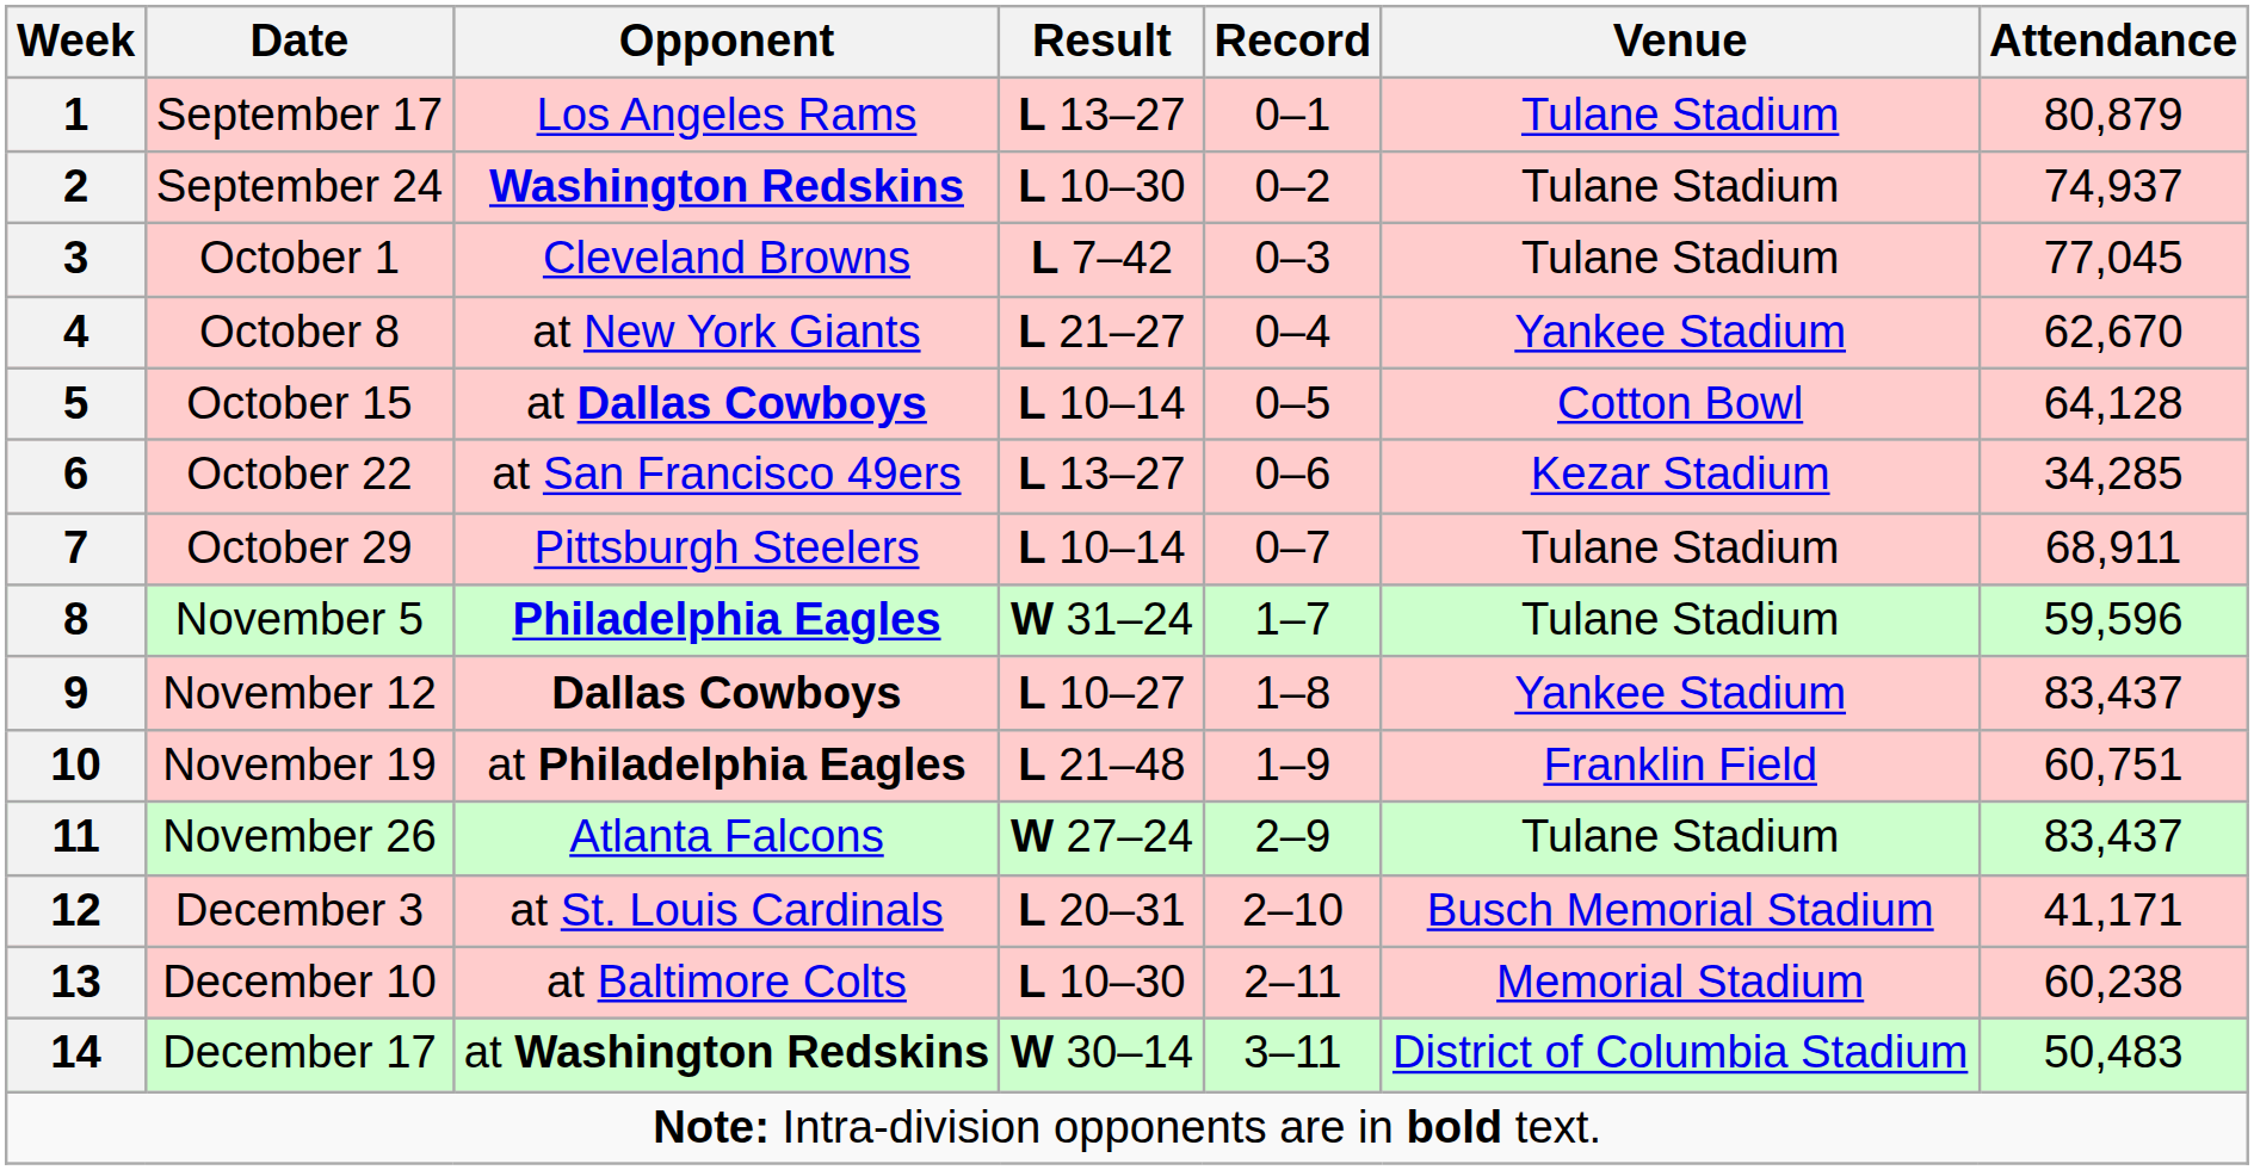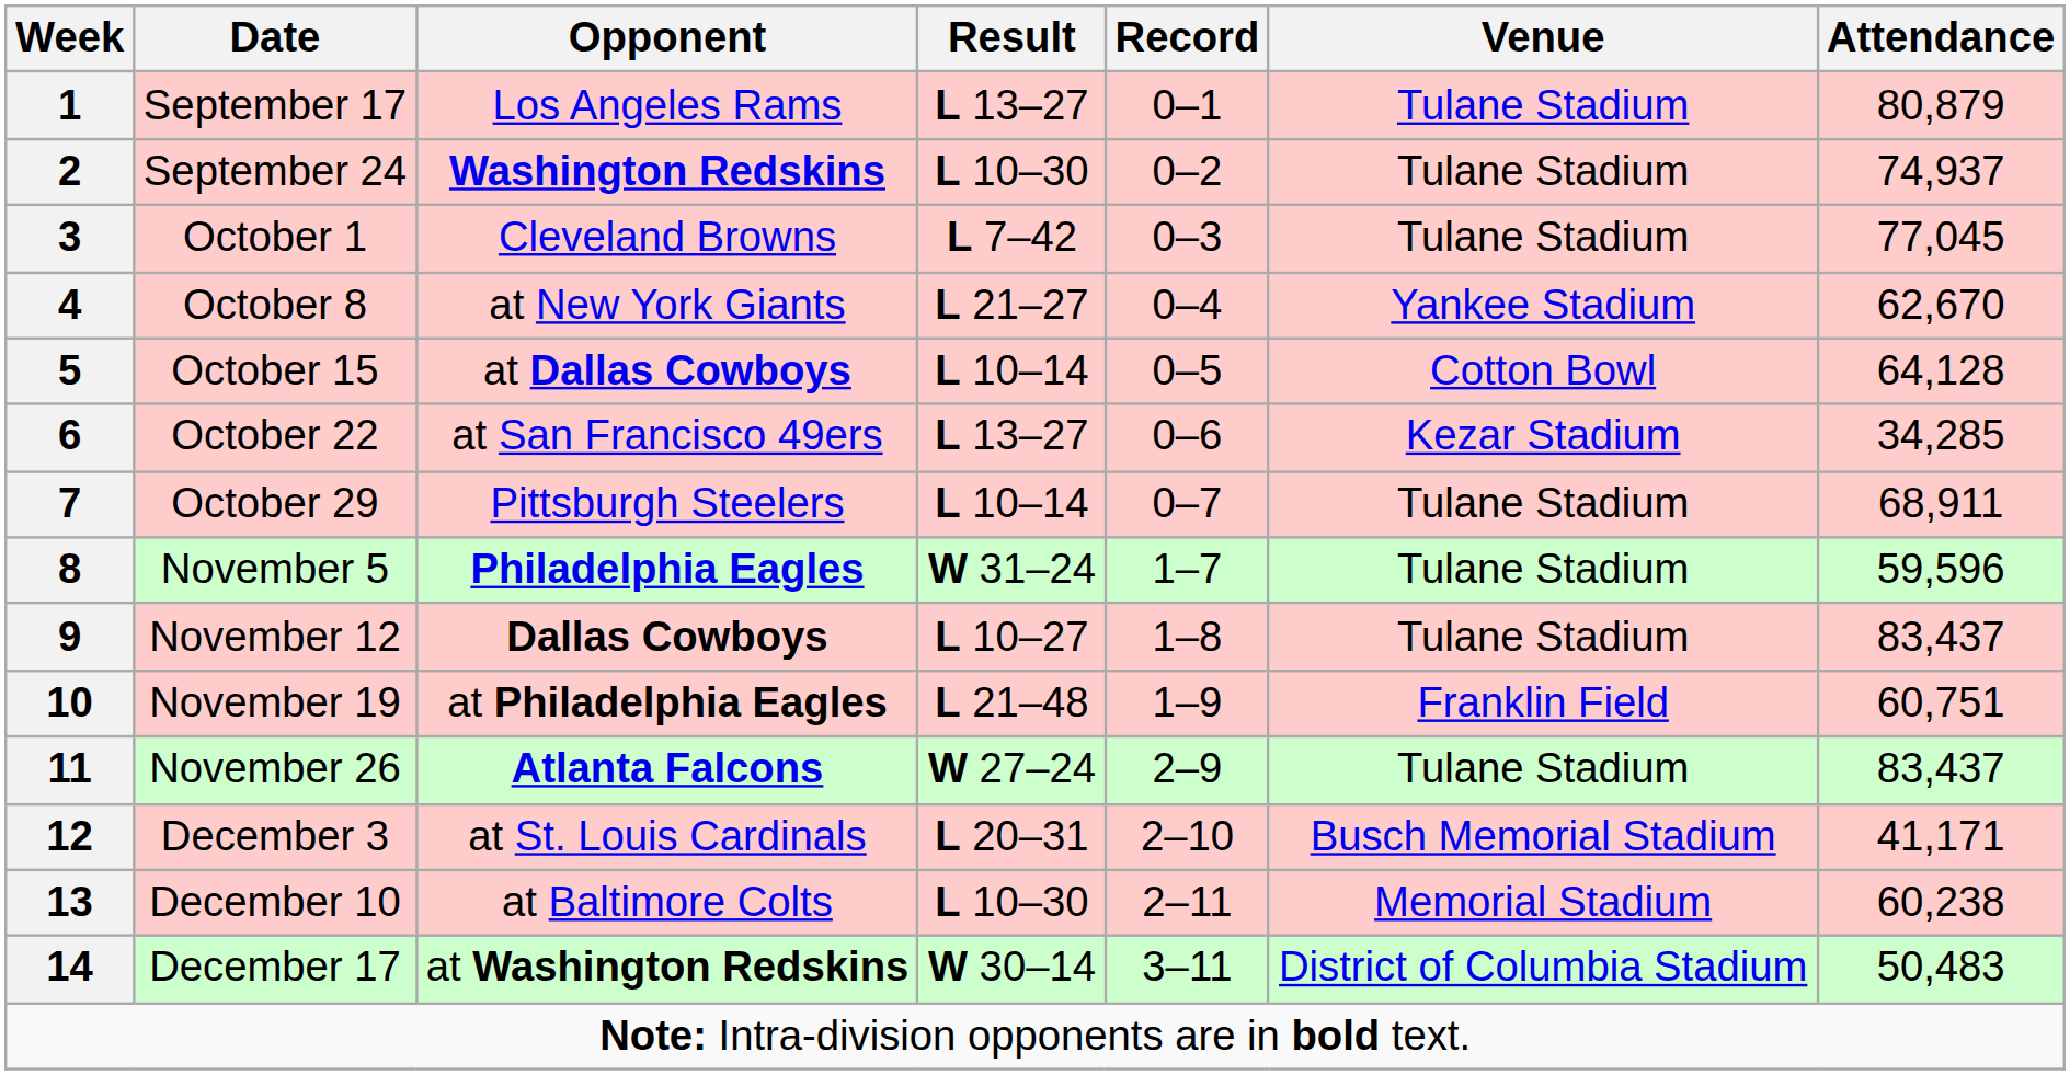 <table class="wikitable" style="text-align:center">
 <tr>
 <th>Week</th>
 <th>Date</th>
 <th>Opponent</th>
 <th>Result</th>
 <th>Record</th>
 <th>Venue</th>
 <th>Attendance</th>
 </tr>
 <tr style="background:#fcc">
 <th>1</th>
 <td>September 17</td>
 <td><a href='#'>Los Angeles Rams</a></td>
 <td><strong>L</strong> 13–27</td>
 <td>0–1</td>
 <td><a href='#'>Tulane Stadium</a></td>
 <td>80,879</td>
 </tr>
 <tr style="background:#fcc">
 <th>2</th>
 <td>September 24</td>
 <td><strong><a href='#'>Washington Redskins</a></strong></td>
 <td><strong>L</strong> 10–30</td>
 <td>0–2</td>
 <td>Tulane Stadium</td>
 <td>74,937</td>
 </tr>
 <tr style="background:#fcc">
 <th>3</th>
 <td>October 1</td>
 <td><a href='#'>Cleveland Browns</a></td>
 <td><strong>L</strong> 7–42</td>
 <td>0–3</td>
 <td>Tulane Stadium</td>
 <td>77,045</td>
 </tr>
 <tr style="background:#fcc">
 <th>4</th>
 <td>October 8</td>
 <td>at <a href='#'>New York Giants</a></td>
 <td><strong>L</strong> 21–27</td>
 <td>0–4</td>
 <td><a href='#'>Yankee Stadium</a></td>
 <td>62,670</td>
 </tr>
 <tr style="background:#fcc">
 <th>5</th>
 <td>October 15</td>
 <td>at <strong><a href='#'>Dallas Cowboys</a></strong></td>
 <td><strong>L</strong> 10–14</td>
 <td>0–5</td>
 <td><a href='#'>Cotton Bowl</a></td>
 <td>64,128</td>
 </tr>
 <tr style="background:#fcc">
 <th>6</th>
 <td>October 22</td>
 <td>at <a href='#'>San Francisco 49ers</a></td>
 <td><strong>L</strong> 13–27</td>
 <td>0–6</td>
 <td><a href='#'>Kezar Stadium</a></td>
 <td>34,285</td>
 </tr>
 <tr style="background:#fcc">
 <th>7</th>
 <td>October 29</td>
 <td><a href='#'>Pittsburgh Steelers</a></td>
 <td><strong>L</strong> 10–14</td>
 <td>0–7</td>
 <td>Tulane Stadium</td>
 <td>68,911</td>
 </tr>
 <tr style="background:#cfc">
 <th>8</th>
 <td>November 5</td>
 <td><strong><a href='#'>Philadelphia Eagles</a></strong></td>
 <td><strong>W</strong> 31–24</td>
 <td>1–7</td>
 <td>Tulane Stadium</td>
 <td>59,596</td>
 </tr>
 <tr style="background:#fcc">
 <th>9</th>
 <td>November 12</td>
 <td><strong>Dallas Cowboys</strong></td>
 <td><strong>L</strong> 10–27</td>
 <td>1–8</td>
-<td><a href='#'>Yankee Stadium</a></td>
+<td>Tulane Stadium</td>
 <td>83,437</td>
 </tr>
 <tr style="background:#fcc">
 <th>10</th>
 <td>November 19</td>
 <td>at <strong>Philadelphia Eagles</strong></td>
 <td><strong>L</strong> 21–48</td>
 <td>1–9</td>
 <td><a href='#'>Franklin Field</a></td>
 <td>60,751</td>
 </tr>
 <tr style="background:#cfc">
 <th>11</th>
 <td>November 26</td>
-<td><a href='#'>Atlanta Falcons</a></td>
+<td><strong><a href='#'>Atlanta Falcons</a></strong></td>
 <td><strong>W</strong> 27–24</td>
 <td>2–9</td>
 <td>Tulane Stadium</td>
 <td>83,437</td>
 </tr>
 <tr style="background:#fcc">
 <th>12</th>
 <td>December 3</td>
 <td>at <a href='#'>St. Louis Cardinals</a></td>
 <td><strong>L</strong> 20–31</td>
 <td>2–10</td>
 <td><a href='#'>Busch Memorial Stadium</a></td>
 <td>41,171</td>
 </tr>
 <tr style="background:#fcc">
 <th>13</th>
 <td>December 10</td>
 <td>at <a href='#'>Baltimore Colts</a></td>
 <td><strong>L</strong> 10–30</td>
 <td>2–11</td>
 <td><a href='#'>Memorial Stadium</a></td>
 <td>60,238</td>
 </tr>
 <tr style="background:#cfc">
 <th>14</th>
 <td>December 17</td>
 <td>at <strong>Washington Redskins</strong></td>
 <td><strong>W</strong> 30–14</td>
 <td>3–11</td>
 <td><a href='#'>District of Columbia Stadium</a></td>
 <td>50,483</td>
 </tr>
 <tr>
 <td colspan="8"><strong>Note:</strong> Intra-division opponents are in <strong>bold</strong> text.</td>
 </tr>
 </table>
